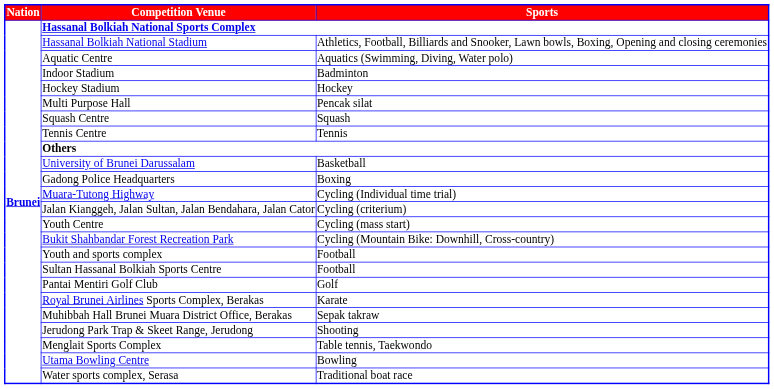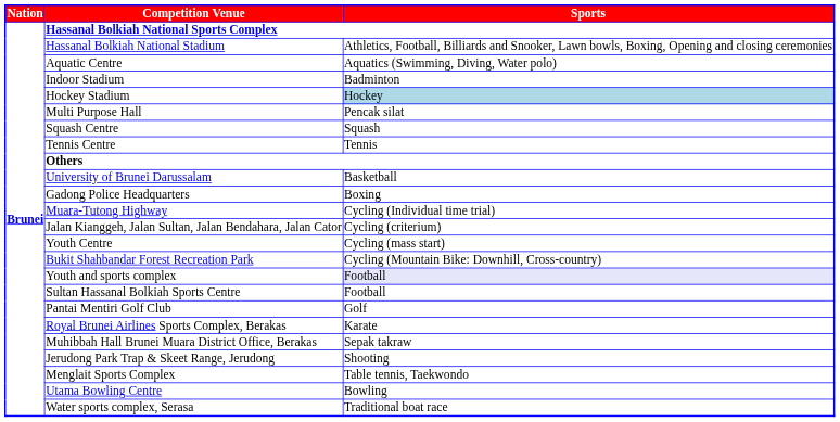 <table border=1 style="border-collapse:collapse; text-align:left; font-size:100%; border:2px solid blue;">
 <tr style="text-align:center; color:white; font-weight:bold; background:red;">
 <td>Nation</td>
 <td>Competition Venue</td>
 <td>Sports</td>
 </tr>
 <tr>
 <th rowspan=24><a href='#'>Brunei</a></th>
 <th colspan=2><a href='#'>Hassanal Bolkiah National Sports Complex</a></th>
 </tr>
 <tr>
 <td><a href='#'>Hassanal Bolkiah National Stadium</a></td>
 <td>Athletics, Football, Billiards and Snooker, Lawn bowls, Boxing, Opening and closing ceremonies</td>
 </tr>
 <tr>
 <td>Aquatic Centre</td>
 <td>Aquatics (Swimming, Diving, Water polo)</td>
 </tr>
 <tr>
 <td>Indoor Stadium</td>
 <td>Badminton</td>
 </tr>
 <tr>
 <td>Hockey Stadium</td>
-<td>Hockey</td>
+<td style="background: lightblue;">Hockey</td>
 </tr>
 <tr>
 <td>Multi Purpose Hall</td>
 <td>Pencak silat</td>
 </tr>
 <tr>
 <td>Squash Centre</td>
 <td>Squash</td>
 </tr>
 <tr>
 <td>Tennis Centre</td>
 <td>Tennis</td>
 </tr>
 <tr>
 <th colspan=2>Others</th>
 </tr>
 <tr>
 <td><a href='#'>University of Brunei Darussalam</a></td>
 <td>Basketball</td>
 </tr>
 <tr>
 <td>Gadong Police Headquarters</td>
 <td>Boxing</td>
 </tr>
 <tr>
 <td><a href='#'>Muara-Tutong Highway</a></td>
 <td>Cycling (Individual time trial)</td>
 </tr>
 <tr>
 <td>Jalan Kianggeh, Jalan Sultan, Jalan Bendahara, Jalan Cator</td>
 <td>Cycling (criterium)</td>
 </tr>
 <tr>
 <td>Youth Centre</td>
 <td>Cycling (mass start)</td>
 </tr>
 <tr>
 <td><a href='#'>Bukit Shahbandar Forest Recreation Park</a></td>
 <td>Cycling (Mountain Bike: Downhill, Cross-country)</td>
 </tr>
 <tr>
 <td>Youth and sports complex</td>
-<td>Football</td>
+<td style="background: lavender;">Football</td>
 </tr>
 <tr>
 <td>Sultan Hassanal Bolkiah Sports Centre</td>
 <td>Football</td>
 </tr>
 <tr>
 <td>Pantai Mentiri Golf Club</td>
 <td>Golf</td>
 </tr>
 <tr>
 <td><a href='#'>Royal Brunei Airlines</a> Sports Complex, Berakas</td>
 <td>Karate</td>
 </tr>
 <tr>
 <td>Muhibbah Hall Brunei Muara District Office, Berakas</td>
 <td>Sepak takraw</td>
 </tr>
 <tr>
 <td>Jerudong Park Trap & Skeet Range, Jerudong</td>
 <td>Shooting</td>
 </tr>
 <tr>
 <td>Menglait Sports Complex</td>
 <td>Table tennis, Taekwondo</td>
 </tr>
 <tr>
 <td><a href='#'>Utama Bowling Centre</a></td>
 <td>Bowling</td>
 </tr>
 <tr>
 <td>Water sports complex, Serasa</td>
 <td>Traditional boat race</td>
 </tr>
 </table>
